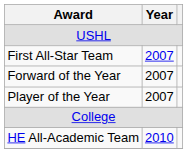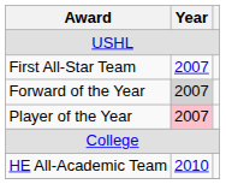 <table class="wikitable">
 <tr>
 <th>Award</th>
 <th>Year</th>
 <th></th>
 </tr>
 <tr ALIGN="center" bgcolor="#e0e0e0">
 <td colspan="3"><a href='#'>USHL</a></td>
 </tr>
 <tr>
 <td>First All-Star Team</td>
 <td><a href='#'>2007</a></td>
 <td></td>
 </tr>
 <tr>
 <td>Forward of the Year</td>
-<td>2007</td>
+<td style="background: lightgrey;">2007</td>
 <td></td>
 </tr>
 <tr>
 <td>Player of the Year</td>
-<td>2007</td>
+<td style="background: pink;">2007</td>
 <td></td>
 </tr>
 <tr ALIGN="center" bgcolor="#e0e0e0">
 <td colspan="3"><a href='#'>College</a></td>
 </tr>
 <tr>
 <td><a href='#'>HE</a> All-Academic Team</td>
 <td><a href='#'>2010</a></td>
 <td></td>
 </tr>
 <tr>
 </tr>
 </table>
